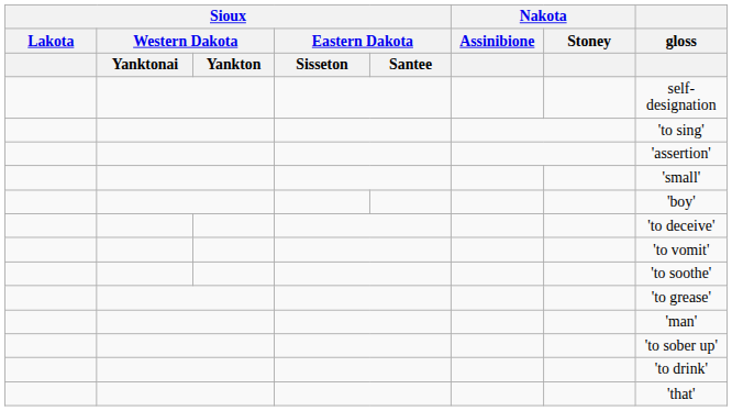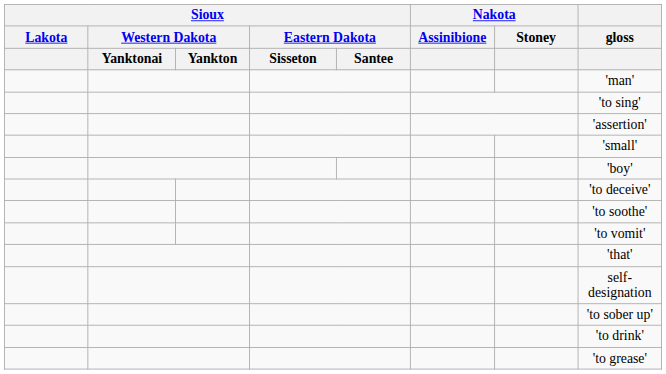 <table class="wikitable">
 <tr>
 <th align="center" colspan="5" width="90"><a href='#'>Sioux</a></th>
 <th colspan="2" align="center" width="90"><a href='#'>Nakota</a></th>
 <th align="center" colspan="1" width="90"></th>
 </tr>
 <tr>
 <th align="center" colspan="1" width="90"><a href='#'>Lakota</a></th>
 <th align="center" colspan="2" width="180"><a href='#'>Western Dakota</a></th>
 <th align="center" colspan="2" width="180"><a href='#'>Eastern Dakota</a></th>
 <th align="center" colspan="1" width="90"><a href='#'>Assinibione</a></th>
 <th align="center" colspan="1" width="90">Stoney</th>
 <th align="center" colspan="1" width="90">gloss</th>
 </tr>
 <tr>
 <th align="center"></th>
 <th align="center">Yanktonai</th>
 <th align="center">Yankton</th>
 <th align="center">Sisseton</th>
 <th align="center">Santee</th>
 <th align="center"></th>
 <th align="center"></th>
 <th align="center"></th>
 </tr>
 <tr>
 <td align="center"></td>
 <td align="center" colspan="2"></td>
 <td align="center" colspan="2"></td>
 <td align="center"></td>
 <td align="center"></td>
-<td align="center">self-designation</td>
+<td align="center">'man'</td>
 </tr>
 <tr>
 <td align="center"></td>
 <td align="center" colspan="2"></td>
 <td align="center" colspan="2"></td>
 <td align="center" colspan="2"></td>
 <td align="center">'to sing'</td>
 </tr>
 <tr>
 <td align="center"></td>
 <td align="center" colspan="2"></td>
 <td align="center" colspan="2"></td>
 <td align="center" colspan="2"></td>
 <td align="center">'assertion'</td>
 </tr>
 <tr>
 <td align="center"></td>
 <td align="center" colspan="2"></td>
 <td align="center" colspan="2"></td>
 <td align="center"></td>
 <td align="center"></td>
 <td align="center">'small'</td>
 </tr>
 <tr>
 <td align="center"></td>
 <td align="center" colspan="2"></td>
 <td align="center"></td>
 <td align="center"></td>
 <td align="center"></td>
 <td align="center"></td>
 <td align="center">'boy'</td>
 </tr>
 <tr>
 <td align="center"></td>
 <td align="center"></td>
 <td align="center"></td>
 <td align="center" colspan="2"></td>
 <td align="center"></td>
 <td align="center"></td>
 <td align="center">'to deceive'</td>
 </tr>
 <tr>
 <td align="center"></td>
 <td align="center"></td>
 <td align="center"></td>
 <td align="center" colspan="2"></td>
 <td align="center"></td>
 <td align="center"></td>
-<td align="center">'to vomit'</td>
+<td align="center">'to soothe'</td>
 </tr>
 <tr>
 <td align="center"></td>
 <td align="center"></td>
 <td align="center"></td>
 <td align="center" colspan="2"></td>
 <td align="center"></td>
 <td align="center"></td>
-<td align="center">'to soothe'</td>
+<td align="center">'to vomit'</td>
 </tr>
 <tr>
 <td align="center"></td>
 <td align="center" colspan="2"></td>
 <td align="center" colspan="2"></td>
 <td align="center"></td>
 <td align="center"></td>
-<td align="center">'to grease'</td>
+<td align="center">'that'</td>
 </tr>
 <tr>
 <td align="center"></td>
 <td align="center" colspan="2"></td>
 <td align="center" colspan="2"></td>
 <td align="center"></td>
 <td align="center"></td>
-<td align="center">'man'</td>
+<td align="center">self-designation</td>
 </tr>
 <tr>
 <td align="center"></td>
 <td align="center" colspan="2"></td>
 <td align="center" colspan="2"></td>
 <td align="center"></td>
 <td align="center"></td>
 <td align="center">'to sober up'</td>
 </tr>
 <tr>
 <td align="center"></td>
 <td align="center" colspan="2"></td>
 <td align="center" colspan="2"></td>
 <td align="center"></td>
 <td align="center"></td>
 <td align="center">'to drink'</td>
 </tr>
 <tr>
 <td align="center"></td>
 <td align="center" colspan="2"></td>
 <td align="center" colspan="2"></td>
 <td align="center"></td>
 <td align="center"></td>
-<td align="center">'that'</td>
+<td align="center">'to grease'</td>
 </tr>
 </table>
